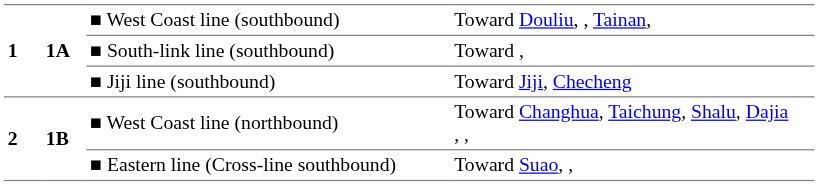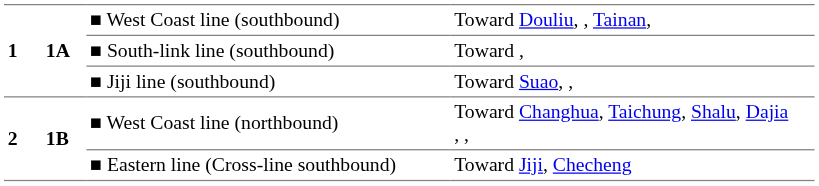 <table border=0 cellspacing=0 cellpadding=3>
 <tr>
 <td width=25 style="border-top:solid 1px gray; border-bottom:solid 1px gray;" rowspan=3><strong>1</strong></td>
 <td width=30 style="border-top:solid 1px gray; border-bottom:solid 1px gray;" rowspan=3><strong>1A</strong></td>
 <td width=290 style="border-top:solid 1px gray; border-bottom:solid 1px gray;"><span>■</span> West Coast line (southbound)</td>
 <td width=290 style="border-top:solid 1px gray; border-bottom:solid 1px gray;">Toward <a href='#'>Douliu</a>, , <a href='#'>Tainan</a>, </td>
 </tr>
 <tr>
 <td style="border-bottom:solid 1px gray;"><span>■</span> South-link line (southbound)</td>
 <td style="border-bottom:solid 1px gray;">Toward , </td>
 </tr>
 <tr>
 <td style="border-bottom:solid 1px gray;"><span>■</span> Jiji line (southbound)</td>
-<td style="border-bottom:solid 1px gray;">Toward <a href='#'>Jiji</a>, <a href='#'>Checheng</a></td>
+<td style="border-bottom:solid 1px gray;">Toward <a href='#'>Suao</a>, , </td>
 </tr>
 <tr>
 <td style="border-bottom:solid 1px gray;" rowspan=4><strong>2</strong></td>
 <td style="border-bottom:solid 1px gray;" rowspan=4><strong>1B</strong></td>
 <td style="border-bottom:solid 1px gray;"><span>■</span> West Coast line (northbound)</td>
 <td style="border-bottom:solid 1px gray;">Toward <a href='#'>Changhua</a>, <a href='#'>Taichung</a>, <a href='#'>Shalu</a>, <a href='#'>Dajia</a><br>, , </td>
 </tr>
 <tr>
 <td style="border-bottom:solid 1px gray;"><span>■</span> Eastern line (Cross-line southbound)</td>
-<td style="border-bottom:solid 1px gray;">Toward <a href='#'>Suao</a>, , </td>
+<td style="border-bottom:solid 1px gray;">Toward <a href='#'>Jiji</a>, <a href='#'>Checheng</a></td>
 </tr>
 <tr>
 </tr>
 </table>
